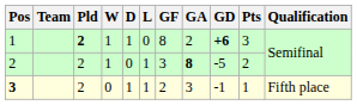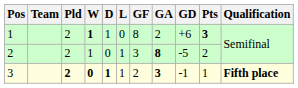 <table class="wikitable sortable" style=" font-size:90%; text-align"center;">
 <tr>
 <th>Pos</th>
 <th>Team</th>
 <th>Pld</th>
 <th>W</th>
 <th>D</th>
 <th>L</th>
 <th>GF</th>
 <th>GA</th>
 <th>GD</th>
 <th>Pts</th>
 <th>Qualification</th>
 </tr>
 <tr bgcolor="#CCFFCC">
 <td>1</td>
 <td></td>
-<td><strong>2</strong></td>
-<td>1</td>
+<td>2</td>
+<td><strong>1</strong></td>
 <td>1</td>
 <td>0</td>
 <td>8</td>
 <td>2</td>
-<td><strong>+6</strong></td>
-<td>3</td>
+<td>+6</td>
+<td><strong>3</strong></td>
 <td rowspan="2">Semifinal</td>
 </tr>
 <tr bgcolor="#CCFFCC">
 <td>2</td>
 <td></td>
 <td>2</td>
 <td>1</td>
 <td>0</td>
 <td>1</td>
 <td>3</td>
 <td><strong>8</strong></td>
 <td>-5</td>
 <td>2</td>
 </tr>
 <tr bgcolor="#FFD">
-<td><strong>3</strong></td>
+<td>3</td>
 <td></td>
-<td>2</td>
-<td>0</td>
-<td>1</td>
+<td><strong>2</strong></td>
+<td><strong>0</strong></td>
+<td><strong>1</strong></td>
 <td>1</td>
 <td>2</td>
-<td>3</td>
+<td><strong>3</strong></td>
 <td>-1</td>
 <td>1</td>
-<td>Fifth place</td>
+<td><strong>Fifth place</strong></td>
 </tr>
 </table>
